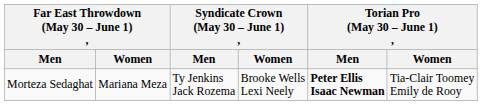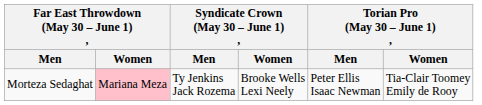 <table class="wikitable">
 <tr>
 <th colspan="2">Far East Throwdown<br>(May 30 – June 1)<br> , </th>
 <th colspan="2">Syndicate Crown<br>(May 30 – June 1)<br> , </th>
 <th colspan="2">Torian Pro<br>(May 30 – June 1) <br>, </th>
 </tr>
 <tr>
 <th>Men</th>
 <th>Women</th>
 <th>Men</th>
 <th>Women</th>
 <th>Men</th>
 <th>Women</th>
 </tr>
 <tr>
 <td> Morteza Sedaghat</td>
-<td> Mariana Meza</td>
+<td style="background: pink;"> Mariana Meza</td>
 <td> Ty Jenkins<br> Jack Rozema</td>
 <td> Brooke Wells<br> Lexi Neely</td>
-<td><strong> Peter Ellis</br> Isaac Newman</strong></td>
+<td> Peter Ellis</br> Isaac Newman</td>
 <td> Tia-Clair Toomey<br> Emily de Rooy</td>
 </tr>
 </table>
